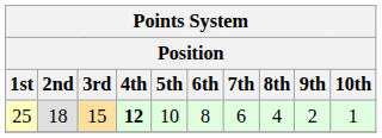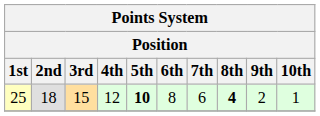 <table class="wikitable" style="font-size: 90%;">
 <tr>
 <th colspan=11>Points System</th>
 </tr>
 <tr>
 <th colspan=10>Position</th>
 </tr>
 <tr>
 <th>1st</th>
 <th>2nd</th>
 <th>3rd</th>
 <th>4th</th>
 <th>5th</th>
 <th>6th</th>
 <th>7th</th>
 <th>8th</th>
 <th>9th</th>
 <th>10th</th>
 </tr>
 <tr>
 <td style="background:#FFFFBF;" align="center">25</td>
 <td style="background:#DFDFDF;" align="center">18</td>
 <td style="background:#FFDF9F;" align="center">15</td>
-<td style="background:#DFFFDF;" align="center"><strong>12</strong></td>
-<td style="background:#DFFFDF;" align="center">10</td>
+<td style="background:#DFFFDF;" align="center">12</td>
+<td style="background:#DFFFDF;" align="center"><strong>10</strong></td>
 <td style="background:#DFFFDF;" align="center">8</td>
 <td style="background:#DFFFDF;" align="center">6</td>
-<td style="background:#DFFFDF;" align="center">4</td>
+<td style="background:#DFFFDF;" align="center"><strong>4</strong></td>
 <td style="background:#DFFFDF;" align="center">2</td>
 <td style="background:#DFFFDF;" align="center">1</td>
 </tr>
 <tr>
 </tr>
 </table>
